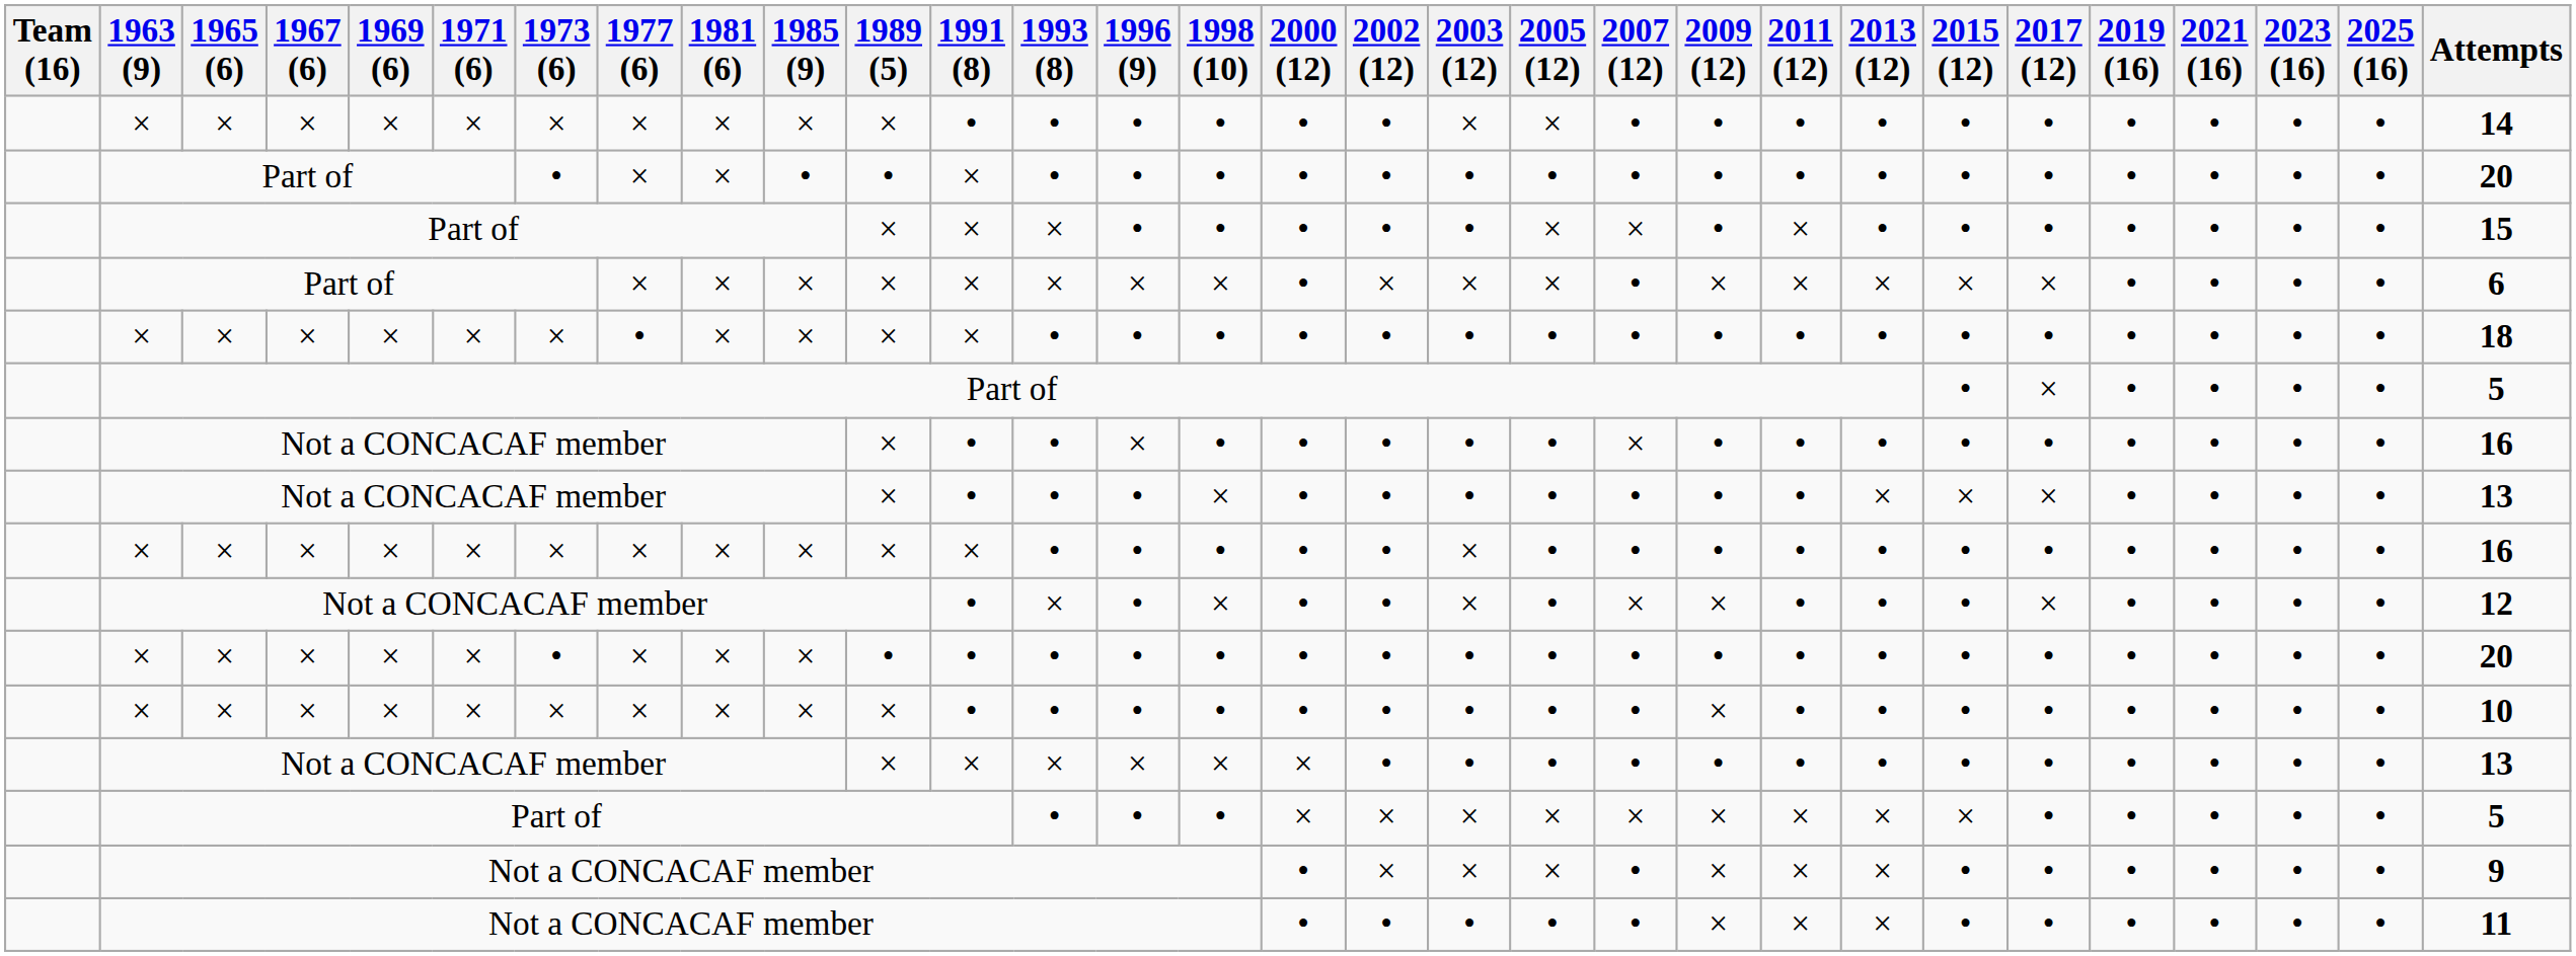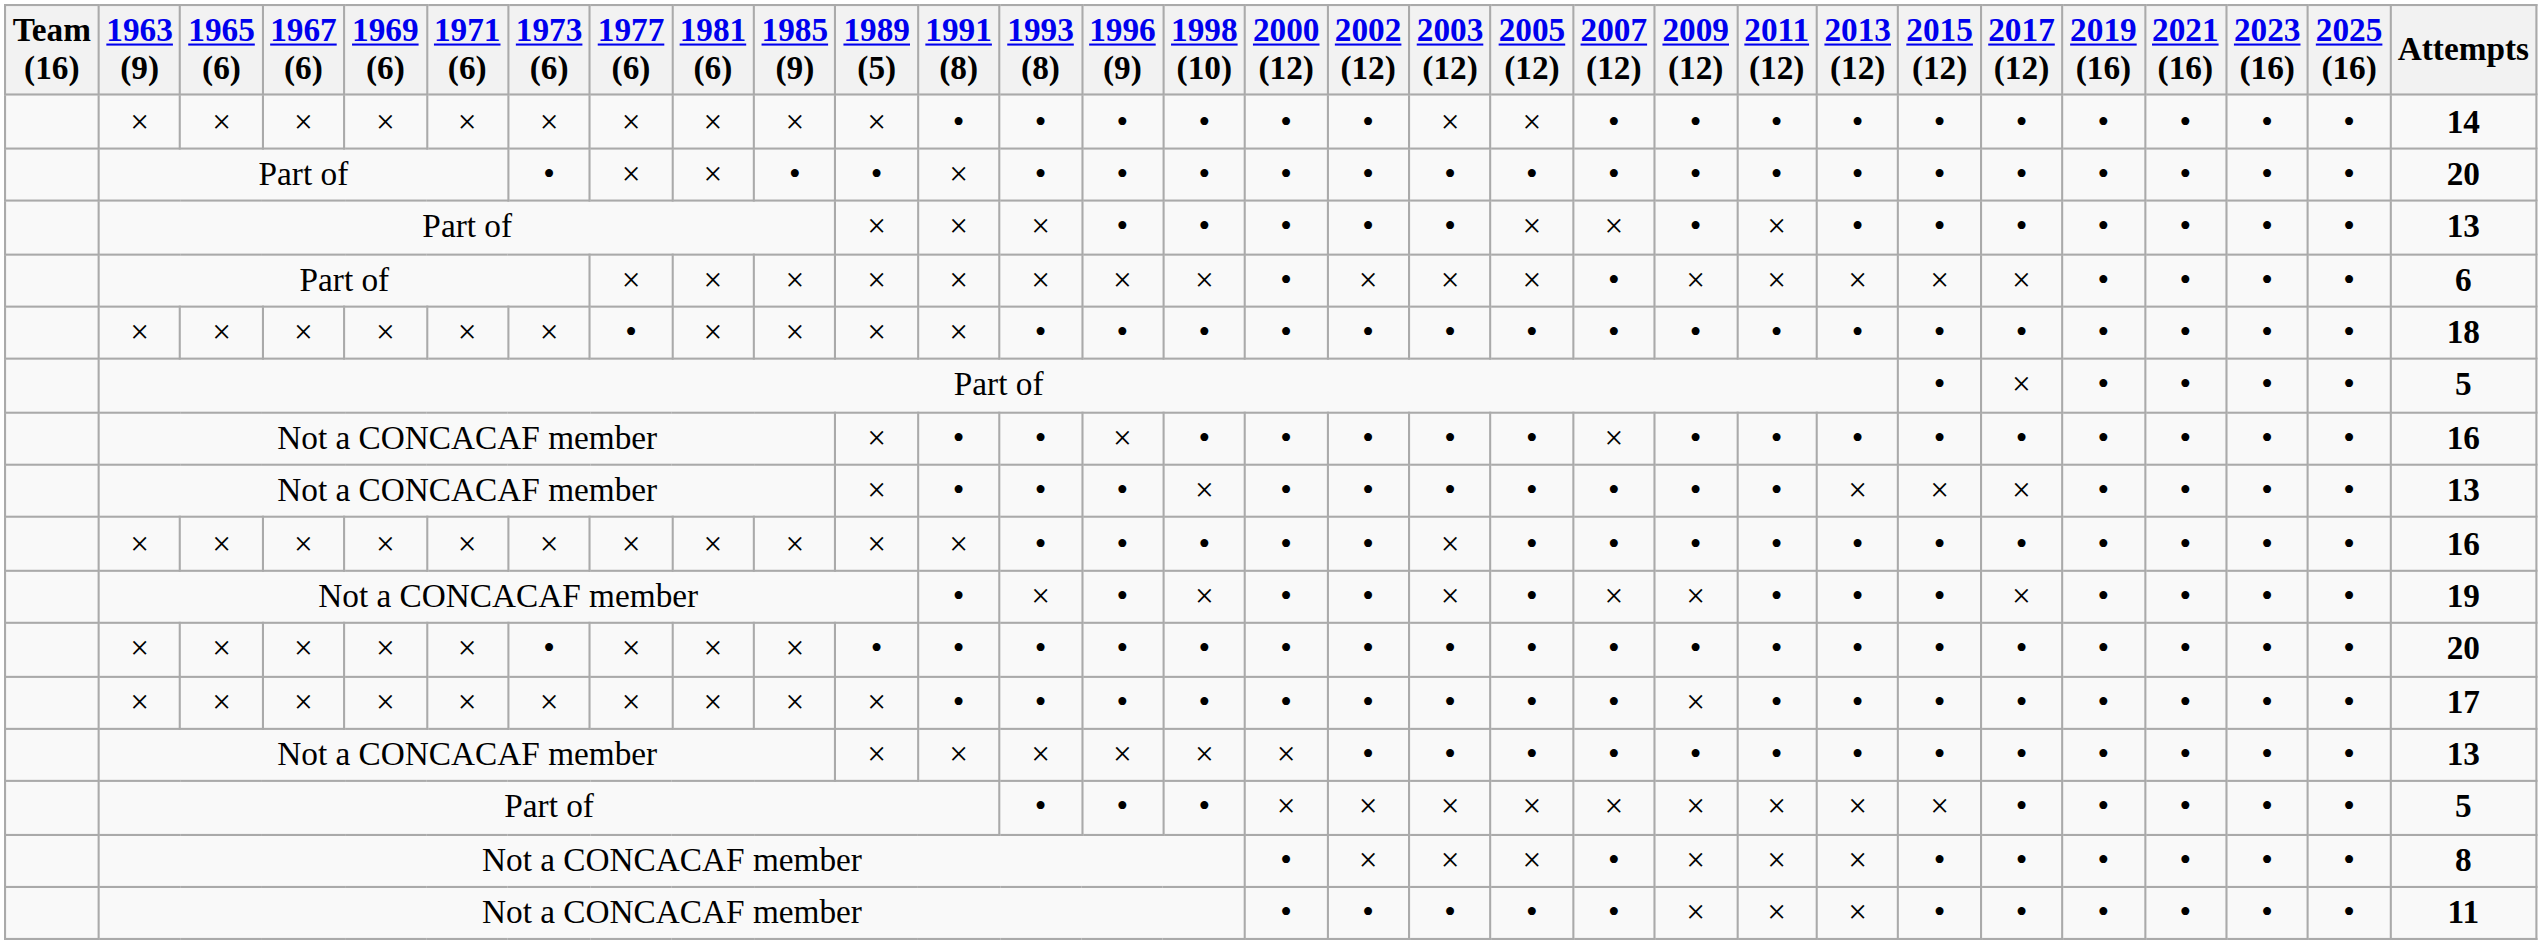 <table class="wikitable sortable" style="text-align: center">
 <tr>
 <th>Team (16)</th>
 <th class=unsortable><a href='#'>1963</a><br> (9)</th>
 <th class=unsortable><a href='#'>1965</a><br> (6)</th>
 <th class=unsortable><a href='#'>1967</a><br> (6)</th>
 <th class=unsortable><a href='#'>1969</a><br> (6)</th>
 <th class=unsortable><a href='#'>1971</a><br> (6)</th>
 <th class=unsortable><a href='#'>1973</a><br> (6)</th>
 <th class=unsortable><a href='#'>1977</a><br> (6)</th>
 <th class=unsortable><a href='#'>1981</a><br> (6)</th>
 <th class=unsortable><a href='#'>1985</a><br> (9)</th>
 <th class=unsortable><a href='#'>1989</a><br> (5)</th>
 <th class=unsortable><a href='#'>1991</a><br> (8)</th>
 <th class=unsortable><a href='#'>1993</a><br> (8)</th>
 <th class=unsortable><a href='#'>1996</a><br> (9)</th>
 <th class=unsortable><a href='#'>1998</a><br> (10)</th>
 <th class=unsortable><a href='#'>2000</a><br> (12)</th>
 <th class=unsortable><a href='#'>2002</a><br> (12)</th>
 <th class=unsortable><a href='#'>2003</a><br> (12)</th>
 <th class=unsortable><a href='#'>2005</a><br> (12)</th>
 <th class=unsortable><a href='#'>2007</a><br> (12)</th>
 <th class=unsortable><a href='#'>2009</a><br> (12)</th>
 <th class=unsortable><a href='#'>2011</a><br> (12)</th>
 <th class=unsortable><a href='#'>2013</a><br> (12)</th>
 <th class=unsortable><a href='#'>2015</a><br> (12)</th>
 <th class=unsortable><a href='#'>2017</a><br> (12)</th>
 <th class=unsortable><a href='#'>2019</a><br> (16)</th>
 <th class=unsortable><a href='#'>2021</a><br> (16)</th>
 <th class=unsortable><a href='#'>2023</a><br> (16)</th>
 <th class=unsortable><a href='#'>2025</a><br> (16)</th>
 <th>Attempts</th>
 </tr>
 <tr>
 <td align=left></td>
 <td>×</td>
 <td>×</td>
 <td>×</td>
 <td>×</td>
 <td>×</td>
 <td>×</td>
 <td>×</td>
 <td>×</td>
 <td>×</td>
 <td>×</td>
 <td>•</td>
 <td>•</td>
 <td>•</td>
 <td>•</td>
 <td>•</td>
 <td>•</td>
 <td>×</td>
 <td>×</td>
 <td>•</td>
 <td>•</td>
 <td>•</td>
 <td>•</td>
 <td>•</td>
 <td>•</td>
 <td>•</td>
 <td>•</td>
 <td>•</td>
 <td>•</td>
 <td><strong>14</strong></td>
 </tr>
 <tr>
 <td align=left></td>
 <td colspan=5>Part of </td>
 <td>•</td>
 <td>×</td>
 <td>×</td>
 <td>•</td>
 <td>•</td>
 <td>×</td>
 <td>•</td>
 <td>•</td>
 <td>•</td>
 <td>•</td>
 <td>•</td>
 <td>•</td>
 <td>•</td>
 <td>•</td>
 <td>•</td>
 <td>•</td>
 <td>•</td>
 <td>•</td>
 <td>•</td>
 <td>•</td>
 <td>•</td>
 <td>•</td>
 <td>•</td>
 <td><strong>20</strong></td>
 </tr>
 <tr>
 <td align=left></td>
 <td colspan=9>Part of </td>
 <td>×</td>
 <td>×</td>
 <td>×</td>
 <td>•</td>
 <td>•</td>
 <td>•</td>
 <td>•</td>
 <td>•</td>
 <td>×</td>
 <td>×</td>
 <td>•</td>
 <td>×</td>
 <td>•</td>
 <td>•</td>
 <td>•</td>
 <td>•</td>
 <td>•</td>
 <td>•</td>
 <td>•</td>
-<td><strong>15</strong></td>
+<td><strong>13</strong></td>
 </tr>
 <tr>
 <td align=left></td>
 <td colspan=6>Part of </td>
 <td>×</td>
 <td>×</td>
 <td>×</td>
 <td>×</td>
 <td>×</td>
 <td>×</td>
 <td>×</td>
 <td>×</td>
 <td>•</td>
 <td>×</td>
 <td>×</td>
 <td>×</td>
 <td>•</td>
 <td>×</td>
 <td>×</td>
 <td>×</td>
 <td>×</td>
 <td>×</td>
 <td>•</td>
 <td>•</td>
 <td>•</td>
 <td>•</td>
 <td><strong>6</strong></td>
 </tr>
 <tr>
 <td align=left></td>
 <td>×</td>
 <td>×</td>
 <td>×</td>
 <td>×</td>
 <td>×</td>
 <td>×</td>
 <td>•</td>
 <td>×</td>
 <td>×</td>
 <td>×</td>
 <td>×</td>
 <td>•</td>
 <td>•</td>
 <td>•</td>
 <td>•</td>
 <td>•</td>
 <td>•</td>
 <td>•</td>
 <td>•</td>
 <td>•</td>
 <td>•</td>
 <td>•</td>
 <td>•</td>
 <td>•</td>
 <td>•</td>
 <td>•</td>
 <td>•</td>
 <td>•</td>
 <td><strong>18</strong></td>
 </tr>
 <tr>
 <td align=left></td>
 <td colspan=22>Part of </td>
 <td>•</td>
 <td>×</td>
 <td>•</td>
 <td>•</td>
 <td>•</td>
 <td>•</td>
 <td><strong>5</strong></td>
 </tr>
 <tr>
 <td align=left></td>
 <td colspan=9>Not a CONCACAF member</td>
 <td>×</td>
 <td>•</td>
 <td>•</td>
 <td>×</td>
 <td>•</td>
 <td>•</td>
 <td>•</td>
 <td>•</td>
 <td>•</td>
 <td>×</td>
 <td>•</td>
 <td>•</td>
 <td>•</td>
 <td>•</td>
 <td>•</td>
 <td>•</td>
 <td>•</td>
 <td>•</td>
 <td>•</td>
 <td><strong>16</strong></td>
 </tr>
 <tr>
 <td align=left></td>
 <td colspan=9>Not a CONCACAF member</td>
 <td>×</td>
 <td>•</td>
 <td>•</td>
 <td>•</td>
 <td>×</td>
 <td>•</td>
 <td>•</td>
 <td>•</td>
 <td>•</td>
 <td>•</td>
 <td>•</td>
 <td>•</td>
 <td>×</td>
 <td>×</td>
 <td>×</td>
 <td>•</td>
 <td>•</td>
 <td>•</td>
 <td>•</td>
 <td><strong>13</strong></td>
 </tr>
 <tr>
 <td align=left></td>
 <td>×</td>
 <td>×</td>
 <td>×</td>
 <td>×</td>
 <td>×</td>
 <td>×</td>
 <td>×</td>
 <td>×</td>
 <td>×</td>
 <td>×</td>
 <td>×</td>
 <td>•</td>
 <td>•</td>
 <td>•</td>
 <td>•</td>
 <td>•</td>
 <td>×</td>
 <td>•</td>
 <td>•</td>
 <td>•</td>
 <td>•</td>
 <td>•</td>
 <td>•</td>
 <td>•</td>
 <td>•</td>
 <td>•</td>
 <td>•</td>
 <td>•</td>
 <td><strong>16</strong></td>
 </tr>
 <tr>
 <td align=left></td>
 <td colspan=10>Not a CONCACAF member</td>
 <td>•</td>
 <td>×</td>
 <td>•</td>
 <td>×</td>
 <td>•</td>
 <td>•</td>
 <td>×</td>
 <td>•</td>
 <td>×</td>
 <td>×</td>
 <td>•</td>
 <td>•</td>
 <td>•</td>
 <td>×</td>
 <td>•</td>
 <td>•</td>
 <td>•</td>
 <td>•</td>
-<td><strong>12</strong></td>
+<td><strong>19</strong></td>
 </tr>
 <tr>
 <td align=left></td>
 <td>×</td>
 <td>×</td>
 <td>×</td>
 <td>×</td>
 <td>×</td>
 <td>•</td>
 <td>×</td>
 <td>×</td>
 <td>×</td>
 <td>•</td>
 <td>•</td>
 <td>•</td>
 <td>•</td>
 <td>•</td>
 <td>•</td>
 <td>•</td>
 <td>•</td>
 <td>•</td>
 <td>•</td>
 <td>•</td>
 <td>•</td>
 <td>•</td>
 <td>•</td>
 <td>•</td>
 <td>•</td>
 <td>•</td>
 <td>•</td>
 <td>•</td>
 <td><strong>20</strong></td>
 </tr>
 <tr>
 <td align=left></td>
 <td>×</td>
 <td>×</td>
 <td>×</td>
 <td>×</td>
 <td>×</td>
 <td>×</td>
 <td>×</td>
 <td>×</td>
 <td>×</td>
 <td>×</td>
 <td>•</td>
 <td>•</td>
 <td>•</td>
 <td>•</td>
 <td>•</td>
 <td>•</td>
 <td>•</td>
 <td>•</td>
 <td>•</td>
 <td>×</td>
 <td>•</td>
 <td>•</td>
 <td>•</td>
 <td>•</td>
 <td>•</td>
 <td>•</td>
 <td>•</td>
 <td>•</td>
-<td><strong>10</strong></td>
+<td><strong>17</strong></td>
 </tr>
 <tr>
 <td align=left></td>
 <td colspan=9>Not a CONCACAF member</td>
 <td>×</td>
 <td>×</td>
 <td>×</td>
 <td>×</td>
 <td>×</td>
 <td>×</td>
 <td>•</td>
 <td>•</td>
 <td>•</td>
 <td>•</td>
 <td>•</td>
 <td>•</td>
 <td>•</td>
 <td>•</td>
 <td>•</td>
 <td>•</td>
 <td>•</td>
 <td>•</td>
 <td>•</td>
 <td><strong>13</strong></td>
 </tr>
 <tr>
 <td align=left></td>
 <td colspan=11>Part of </td>
 <td>•</td>
 <td>•</td>
 <td>•</td>
 <td>×</td>
 <td>×</td>
 <td>×</td>
 <td>×</td>
 <td>×</td>
 <td>×</td>
 <td>×</td>
 <td>×</td>
 <td>×</td>
 <td>•</td>
 <td>•</td>
 <td>•</td>
 <td>•</td>
 <td>•</td>
 <td><strong>5</strong></td>
 </tr>
 <tr>
 <td align=left></td>
 <td colspan=14>Not a CONCACAF member</td>
 <td>•</td>
 <td>×</td>
 <td>×</td>
 <td>×</td>
 <td>•</td>
 <td>×</td>
 <td>×</td>
 <td>×</td>
 <td>•</td>
 <td>•</td>
 <td>•</td>
 <td>•</td>
 <td>•</td>
 <td>•</td>
-<td><strong>9</strong></td>
+<td><strong>8</strong></td>
 </tr>
 <tr>
 <td align=left></td>
 <td colspan=14>Not a CONCACAF member</td>
 <td>•</td>
 <td>•</td>
 <td>•</td>
 <td>•</td>
 <td>•</td>
 <td>×</td>
 <td>×</td>
 <td>×</td>
 <td>•</td>
 <td>•</td>
 <td>•</td>
 <td>•</td>
 <td>•</td>
 <td>•</td>
 <td><strong>11</strong></td>
 </tr>
 </table>
